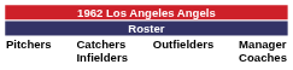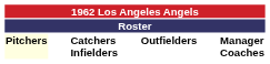 <table class="toccolours" style="font-size: 95%;">
 <tr>
 <th colspan="10" style="background-color: #CE2029; color: white; text-align: center;">1962 Los Angeles Angels</th>
 </tr>
 <tr>
 <td colspan="10" style="background-color: #333366; color: white; text-align: center;"><strong>Roster</strong></td>
 </tr>
 <tr>
-<td valign="top"><strong>Pitchers</strong><br>                 </td>
+<td valign="top" style="background: lightyellow;"><strong>Pitchers</strong><br>                 </td>
 <td width="25px"></td>
 <td valign="top"><strong>Catchers</strong><br>   <strong>Infielders</strong>              </td>
 <td width="25px"></td>
 <td valign="top"><strong>Outfielders</strong><br>       </td>
 <td width="25px"></td>
 <td valign="top"><strong>Manager</strong><br> <strong>Coaches</strong>     </td>
 </tr>
 <tr>
 </tr>
 </table>
